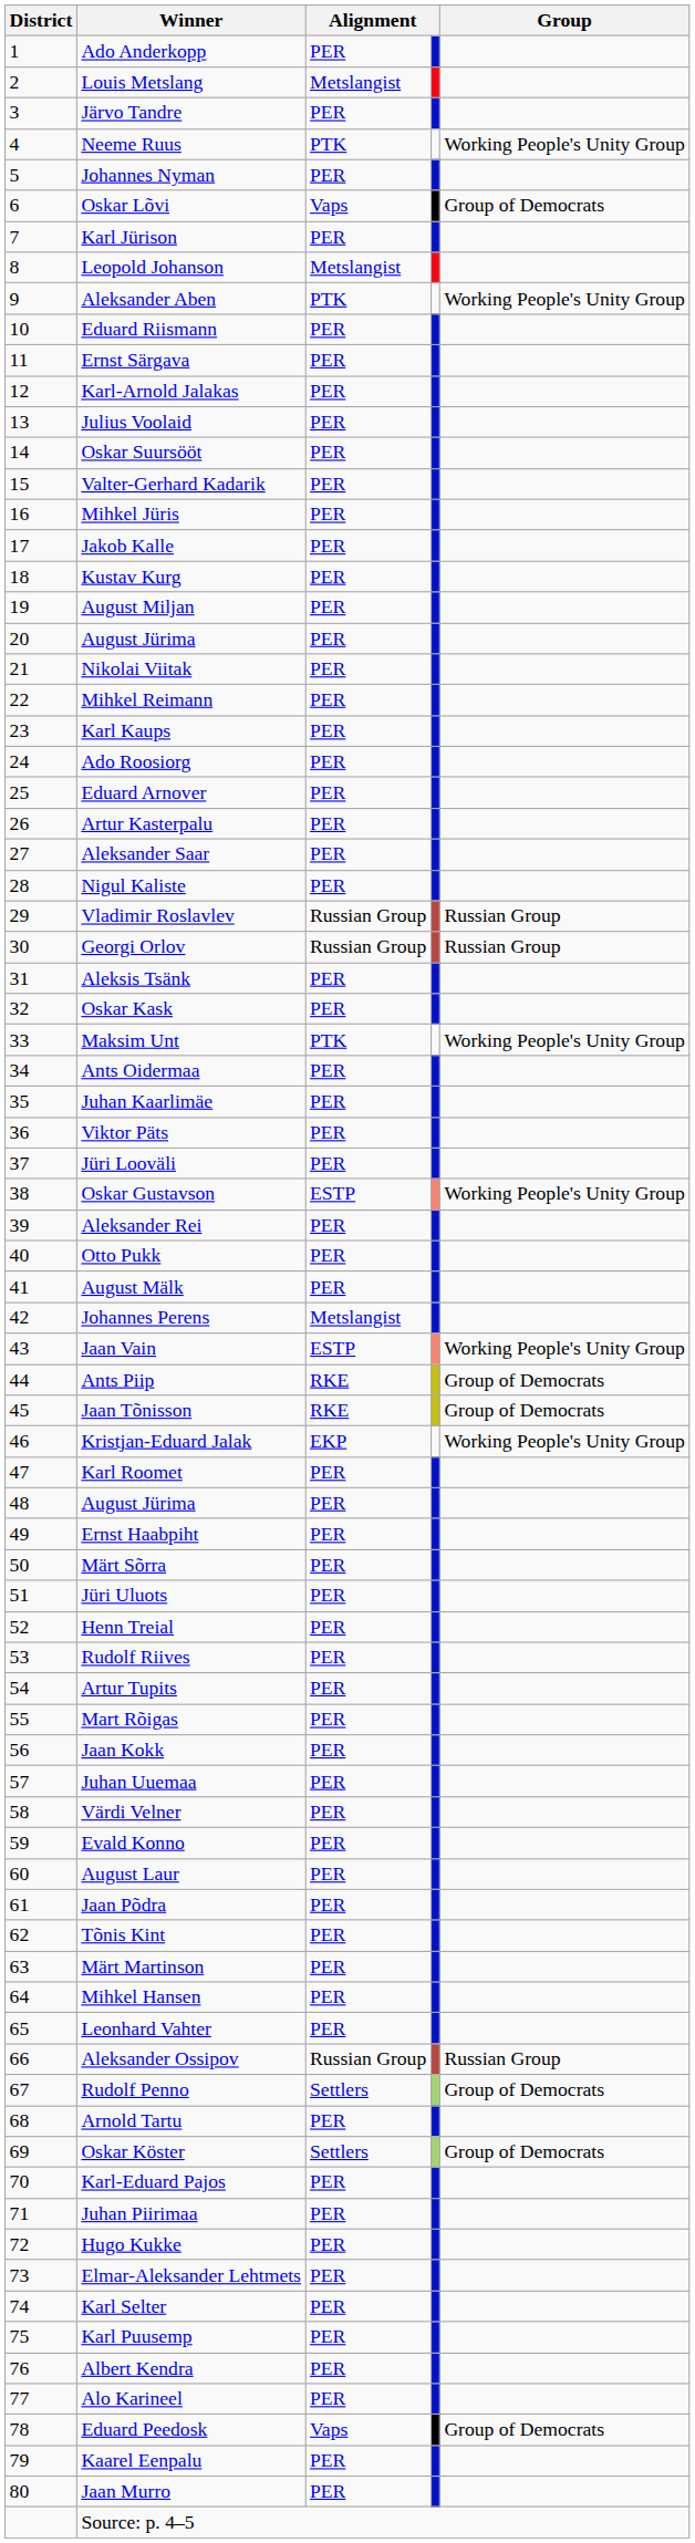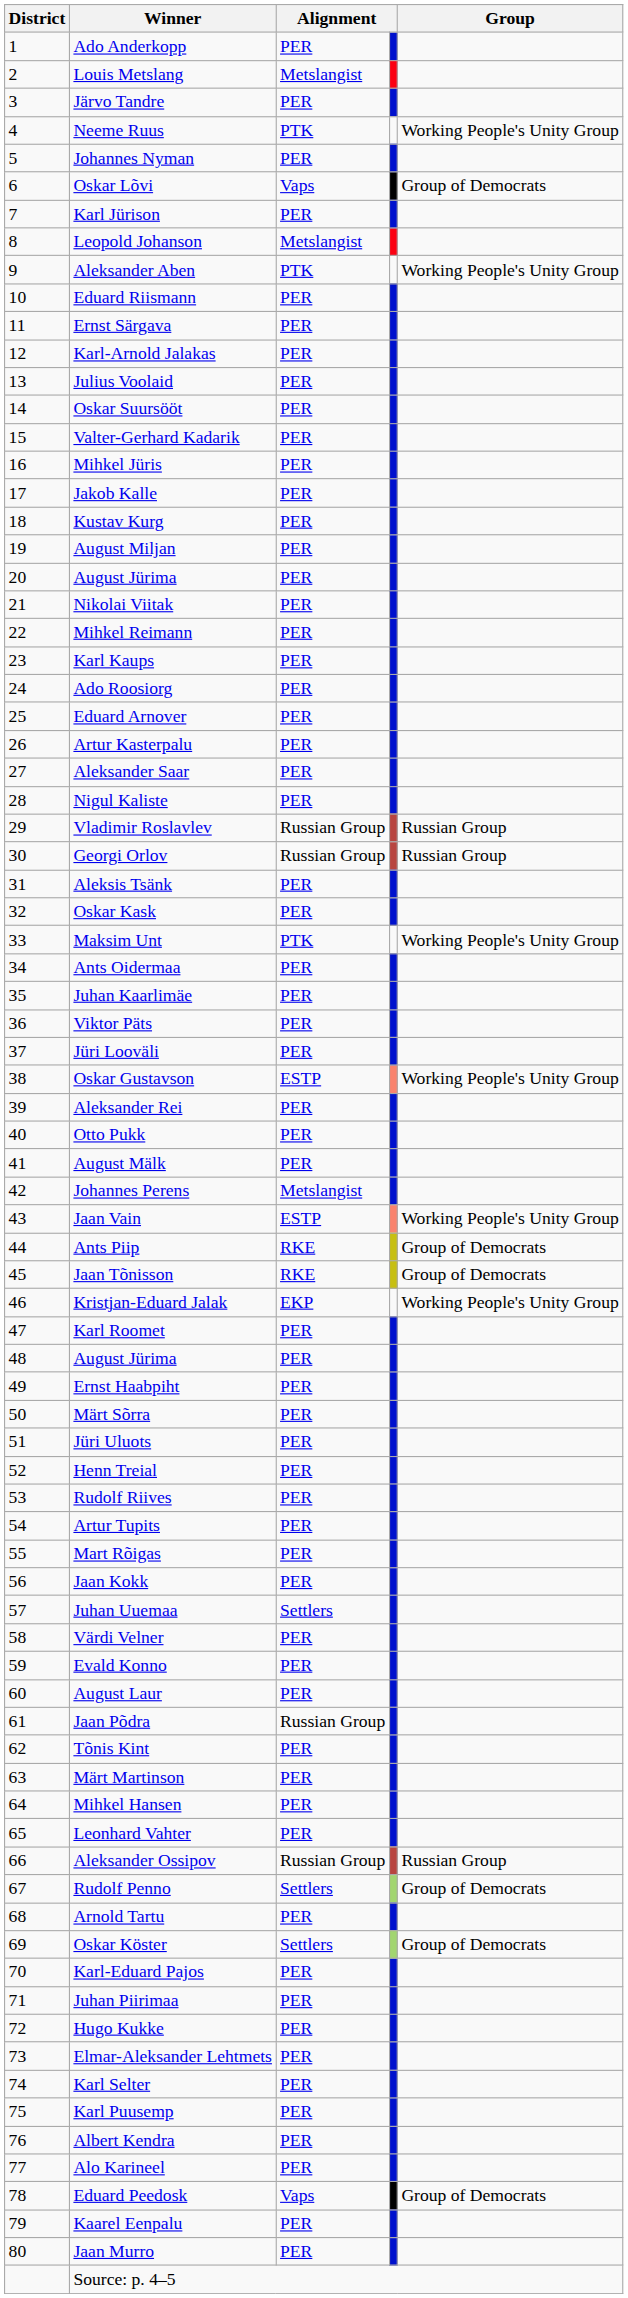 <table class="wikitable sortable">
 <tr>
 <th>District</th>
 <th>Winner</th>
 <th colspan="2">Alignment</th>
 <th>Group</th>
 </tr>
 <tr>
 <td>1</td>
 <td><a href='#'>Ado Anderkopp</a></td>
 <td><a href='#'>PER</a></td>
 <td style="background:#0011CD"></td>
 <td></td>
 </tr>
 <tr>
 <td>2</td>
 <td><a href='#'>Louis Metslang</a></td>
 <td><a href='#'>Metslangist</a></td>
 <td style="background:#FC0112"></td>
 <td></td>
 </tr>
 <tr>
 <td>3</td>
 <td><a href='#'>Järvo Tandre</a></td>
 <td><a href='#'>PER</a></td>
 <td style="background:#0011CD"></td>
 <td></td>
 </tr>
 <tr>
 <td>4</td>
 <td><a href='#'>Neeme Ruus</a></td>
 <td><a href='#'>PTK</a></td>
 <td style="background:"></td>
 <td>Working People's Unity Group</td>
 </tr>
 <tr>
 <td>5</td>
 <td><a href='#'>Johannes Nyman</a></td>
 <td><a href='#'>PER</a></td>
 <td style="background:#0011CD"></td>
 <td></td>
 </tr>
 <tr>
 <td>6</td>
 <td><a href='#'>Oskar Lõvi</a></td>
 <td><a href='#'>Vaps</a></td>
 <td style="background:#000000"></td>
 <td>Group of Democrats</td>
 </tr>
 <tr>
 <td>7</td>
 <td><a href='#'>Karl Jürison</a></td>
 <td><a href='#'>PER</a></td>
 <td style="background:#0011CD"></td>
 <td></td>
 </tr>
 <tr>
 <td>8</td>
 <td><a href='#'>Leopold Johanson</a></td>
 <td><a href='#'>Metslangist</a></td>
 <td style="background:#FC0112"></td>
 <td></td>
 </tr>
 <tr>
 <td>9</td>
 <td><a href='#'>Aleksander Aben</a></td>
 <td><a href='#'>PTK</a></td>
 <td style="background:"></td>
 <td>Working People's Unity Group</td>
 </tr>
 <tr>
 <td>10</td>
 <td><a href='#'>Eduard Riismann</a></td>
 <td><a href='#'>PER</a></td>
 <td style="background:#0011CD"></td>
 <td></td>
 </tr>
 <tr>
 <td>11</td>
 <td><a href='#'>Ernst Särgava</a></td>
 <td><a href='#'>PER</a></td>
 <td style="background:#0011CD"></td>
 <td></td>
 </tr>
 <tr>
 <td>12</td>
 <td><a href='#'>Karl-Arnold Jalakas</a></td>
 <td><a href='#'>PER</a></td>
 <td style="background:#0011CD"></td>
 <td></td>
 </tr>
 <tr>
 <td>13</td>
 <td><a href='#'>Julius Voolaid</a></td>
 <td><a href='#'>PER</a></td>
 <td style="background:#0011CD"></td>
 <td></td>
 </tr>
 <tr>
 <td>14</td>
 <td><a href='#'>Oskar Suursööt</a></td>
 <td><a href='#'>PER</a></td>
 <td style="background:#0011CD"></td>
 <td></td>
 </tr>
 <tr>
 <td>15</td>
 <td><a href='#'>Valter-Gerhard Kadarik</a></td>
 <td><a href='#'>PER</a></td>
 <td style="background:#0011CD"></td>
 <td></td>
 </tr>
 <tr>
 <td>16</td>
 <td><a href='#'>Mihkel Jüris</a></td>
 <td><a href='#'>PER</a></td>
 <td style="background:#0011CD"></td>
 <td></td>
 </tr>
 <tr>
 <td>17</td>
 <td><a href='#'>Jakob Kalle</a></td>
 <td><a href='#'>PER</a></td>
 <td style="background:#0011CD"></td>
 <td></td>
 </tr>
 <tr>
 <td>18</td>
 <td><a href='#'>Kustav Kurg</a></td>
 <td><a href='#'>PER</a></td>
 <td style="background:#0011CD"></td>
 <td></td>
 </tr>
 <tr>
 <td>19</td>
 <td><a href='#'>August Miljan</a></td>
 <td><a href='#'>PER</a></td>
 <td style="background:#0011CD"></td>
 <td></td>
 </tr>
 <tr>
 <td>20</td>
 <td><a href='#'>August Jürima</a></td>
 <td><a href='#'>PER</a></td>
 <td style="background:#0011CD"></td>
 <td></td>
 </tr>
 <tr>
 <td>21</td>
 <td><a href='#'>Nikolai Viitak</a></td>
 <td><a href='#'>PER</a></td>
 <td style="background:#0011CD"></td>
 <td></td>
 </tr>
 <tr>
 <td>22</td>
 <td><a href='#'>Mihkel Reimann</a></td>
 <td><a href='#'>PER</a></td>
 <td style="background:#0011CD"></td>
 <td></td>
 </tr>
 <tr>
 <td>23</td>
 <td><a href='#'>Karl Kaups</a></td>
 <td><a href='#'>PER</a></td>
 <td style="background:#0011CD"></td>
 <td></td>
 </tr>
 <tr>
 <td>24</td>
 <td><a href='#'>Ado Roosiorg</a></td>
 <td><a href='#'>PER</a></td>
 <td style="background:#0011CD"></td>
 <td></td>
 </tr>
 <tr>
 <td>25</td>
 <td><a href='#'>Eduard Arnover</a></td>
 <td><a href='#'>PER</a></td>
 <td style="background:#0011CD"></td>
 <td></td>
 </tr>
 <tr>
 <td>26</td>
 <td><a href='#'>Artur Kasterpalu</a></td>
 <td><a href='#'>PER</a></td>
 <td style="background:#0011CD"></td>
 <td></td>
 </tr>
 <tr>
 <td>27</td>
 <td><a href='#'>Aleksander Saar</a></td>
 <td><a href='#'>PER</a></td>
 <td style="background:#0011CD"></td>
 <td></td>
 </tr>
 <tr>
 <td>28</td>
 <td><a href='#'>Nigul Kaliste</a></td>
 <td><a href='#'>PER</a></td>
 <td style="background:#0011CD"></td>
 <td></td>
 </tr>
 <tr>
 <td>29</td>
 <td><a href='#'>Vladimir Roslavlev</a></td>
 <td>Russian Group</td>
 <td style="background:#b84540"></td>
 <td>Russian Group</td>
 </tr>
 <tr>
 <td>30</td>
 <td><a href='#'>Georgi Orlov</a></td>
 <td>Russian Group</td>
 <td style="background:#b84540"></td>
 <td>Russian Group</td>
 </tr>
 <tr>
 <td>31</td>
 <td><a href='#'>Aleksis Tsänk</a></td>
 <td><a href='#'>PER</a></td>
 <td style="background:#0011CD"></td>
 <td></td>
 </tr>
 <tr>
 <td>32</td>
 <td><a href='#'>Oskar Kask</a></td>
 <td><a href='#'>PER</a></td>
 <td style="background:#0011CD"></td>
 <td></td>
 </tr>
 <tr>
 <td>33</td>
 <td><a href='#'>Maksim Unt</a></td>
 <td><a href='#'>PTK</a></td>
 <td style="background:"></td>
 <td>Working People's Unity Group</td>
 </tr>
 <tr>
 <td>34</td>
 <td><a href='#'>Ants Oidermaa</a></td>
 <td><a href='#'>PER</a></td>
 <td style="background:#0011CD"></td>
 <td></td>
 </tr>
 <tr>
 <td>35</td>
 <td><a href='#'>Juhan Kaarlimäe</a></td>
 <td><a href='#'>PER</a></td>
 <td style="background:#0011CD"></td>
 <td></td>
 </tr>
 <tr>
 <td>36</td>
 <td><a href='#'>Viktor Päts</a></td>
 <td><a href='#'>PER</a></td>
 <td style="background:#0011CD"></td>
 <td></td>
 </tr>
 <tr>
 <td>37</td>
 <td><a href='#'>Jüri Looväli</a></td>
 <td><a href='#'>PER</a></td>
 <td style="background:#0011CD"></td>
 <td></td>
 </tr>
 <tr>
 <td>38</td>
 <td><a href='#'>Oskar Gustavson</a></td>
 <td><a href='#'>ESTP</a></td>
 <td style="background:#F9836E"></td>
 <td>Working People's Unity Group</td>
 </tr>
 <tr>
 <td>39</td>
 <td><a href='#'>Aleksander Rei</a></td>
 <td><a href='#'>PER</a></td>
 <td style="background:#0011CD"></td>
 <td></td>
 </tr>
 <tr>
 <td>40</td>
 <td><a href='#'>Otto Pukk</a></td>
 <td><a href='#'>PER</a></td>
 <td style="background:#0011CD"></td>
 <td></td>
 </tr>
 <tr>
 <td>41</td>
 <td><a href='#'>August Mälk</a></td>
 <td><a href='#'>PER</a></td>
 <td style="background:#0011CD"></td>
 <td></td>
 </tr>
 <tr>
 <td>42</td>
 <td><a href='#'>Johannes Perens</a></td>
 <td><a href='#'>Metslangist</a></td>
 <td style="background:#0011CD"></td>
 <td></td>
 </tr>
 <tr>
 <td>43</td>
 <td><a href='#'>Jaan Vain</a></td>
 <td><a href='#'>ESTP</a></td>
 <td style="background:#F9836E"></td>
 <td>Working People's Unity Group</td>
 </tr>
 <tr>
 <td>44</td>
 <td><a href='#'>Ants Piip</a></td>
 <td><a href='#'>RKE</a></td>
 <td style="background:#c7bf12"></td>
 <td>Group of Democrats</td>
 </tr>
 <tr>
 <td>45</td>
 <td><a href='#'>Jaan Tõnisson</a></td>
 <td><a href='#'>RKE</a></td>
 <td style="background:#c7bf12"></td>
 <td>Group of Democrats</td>
 </tr>
 <tr>
 <td>46</td>
 <td><a href='#'>Kristjan-Eduard Jalak</a></td>
 <td><a href='#'>EKP</a></td>
 <td style="background:"></td>
 <td>Working People's Unity Group</td>
 </tr>
 <tr>
 <td>47</td>
 <td><a href='#'>Karl Roomet</a></td>
 <td><a href='#'>PER</a></td>
 <td style="background:#0011CD"></td>
 <td></td>
 </tr>
 <tr>
 <td>48</td>
 <td><a href='#'>August Jürima</a></td>
 <td><a href='#'>PER</a></td>
 <td style="background:#0011CD"></td>
 </tr>
 <tr>
 <td>49</td>
 <td><a href='#'>Ernst Haabpiht</a></td>
 <td><a href='#'>PER</a></td>
 <td style="background:#0011CD"></td>
 <td></td>
 </tr>
 <tr>
 <td>50</td>
 <td><a href='#'>Märt Sõrra</a></td>
 <td><a href='#'>PER</a></td>
 <td style="background:#0011CD"></td>
 <td></td>
 </tr>
 <tr>
 <td>51</td>
 <td><a href='#'>Jüri Uluots</a></td>
 <td><a href='#'>PER</a></td>
 <td style="background:#0011CD"></td>
 <td></td>
 </tr>
 <tr>
 <td>52</td>
 <td><a href='#'>Henn Treial</a></td>
 <td><a href='#'>PER</a></td>
 <td style="background:#0011CD"></td>
 <td></td>
 </tr>
 <tr>
 <td>53</td>
 <td><a href='#'>Rudolf Riives</a></td>
 <td><a href='#'>PER</a></td>
 <td style="background:#0011CD"></td>
 <td></td>
 </tr>
 <tr>
 <td>54</td>
 <td><a href='#'>Artur Tupits</a></td>
 <td><a href='#'>PER</a></td>
 <td style="background:#0011CD"></td>
 <td></td>
 </tr>
 <tr>
 <td>55</td>
 <td><a href='#'>Mart Rõigas</a></td>
 <td><a href='#'>PER</a></td>
 <td style="background:#0011CD"></td>
 <td></td>
 </tr>
 <tr>
 <td>56</td>
 <td><a href='#'>Jaan Kokk</a></td>
 <td><a href='#'>PER</a></td>
 <td style="background:#0011CD"></td>
 <td></td>
 </tr>
 <tr>
 <td>57</td>
 <td><a href='#'>Juhan Uuemaa</a></td>
-<td><a href='#'>PER</a></td>
+<td><a href='#'>Settlers</a></td>
 <td style="background:#0011CD"></td>
 <td></td>
 </tr>
 <tr>
 <td>58</td>
 <td><a href='#'>Värdi Velner</a></td>
 <td><a href='#'>PER</a></td>
 <td style="background:#0011CD"></td>
 <td></td>
 </tr>
 <tr>
 <td>59</td>
 <td><a href='#'>Evald Konno</a></td>
 <td><a href='#'>PER</a></td>
 <td style="background:#0011CD"></td>
 <td></td>
 </tr>
 <tr>
 <td>60</td>
 <td><a href='#'>August Laur</a></td>
 <td><a href='#'>PER</a></td>
 <td style="background:#0011CD"></td>
 <td></td>
 </tr>
 <tr>
 <td>61</td>
 <td><a href='#'>Jaan Põdra</a></td>
-<td><a href='#'>PER</a></td>
+<td>Russian Group</td>
 <td style="background:#0011CD"></td>
 <td></td>
 </tr>
 <tr>
 <td>62</td>
 <td><a href='#'>Tõnis Kint</a></td>
 <td><a href='#'>PER</a></td>
 <td style="background:#0011CD"></td>
 <td></td>
 </tr>
 <tr>
 <td>63</td>
 <td><a href='#'>Märt Martinson</a></td>
 <td><a href='#'>PER</a></td>
 <td style="background:#0011CD"></td>
 <td></td>
 </tr>
 <tr>
 <td>64</td>
 <td><a href='#'>Mihkel Hansen</a></td>
 <td><a href='#'>PER</a></td>
 <td style="background:#0011CD"></td>
 <td></td>
 </tr>
 <tr>
 <td>65</td>
 <td><a href='#'>Leonhard Vahter</a></td>
 <td><a href='#'>PER</a></td>
 <td style="background:#0011CD"></td>
 <td></td>
 </tr>
 <tr>
 <td>66</td>
 <td><a href='#'>Aleksander Ossipov</a></td>
 <td>Russian Group</td>
 <td style="background:#b84540"></td>
 <td>Russian Group</td>
 </tr>
 <tr>
 <td>67</td>
 <td><a href='#'>Rudolf Penno</a></td>
 <td><a href='#'>Settlers</a></td>
 <td style="background:#a2d570"></td>
 <td>Group of Democrats</td>
 </tr>
 <tr>
 <td>68</td>
 <td><a href='#'>Arnold Tartu</a></td>
 <td><a href='#'>PER</a></td>
 <td style="background:#0011CD"></td>
 <td></td>
 </tr>
 <tr>
 <td>69</td>
 <td><a href='#'>Oskar Köster</a></td>
 <td><a href='#'>Settlers</a></td>
 <td style="background:#a2d570"></td>
 <td>Group of Democrats</td>
 </tr>
 <tr>
 <td>70</td>
 <td><a href='#'>Karl-Eduard Pajos</a></td>
 <td><a href='#'>PER</a></td>
 <td style="background:#0011CD"></td>
 <td></td>
 </tr>
 <tr>
 <td>71</td>
 <td><a href='#'>Juhan Piirimaa</a></td>
 <td><a href='#'>PER</a></td>
 <td style="background:#0011CD"></td>
 <td></td>
 </tr>
 <tr>
 <td>72</td>
 <td><a href='#'>Hugo Kukke</a></td>
 <td><a href='#'>PER</a></td>
 <td style="background:#0011CD"></td>
 <td></td>
 </tr>
 <tr>
 <td>73</td>
 <td><a href='#'>Elmar-Aleksander Lehtmets</a></td>
 <td><a href='#'>PER</a></td>
 <td style="background:#0011CD"></td>
 <td></td>
 </tr>
 <tr>
 <td>74</td>
 <td><a href='#'>Karl Selter</a></td>
 <td><a href='#'>PER</a></td>
 <td style="background:#0011CD"></td>
 <td></td>
 </tr>
 <tr>
 <td>75</td>
 <td><a href='#'>Karl Puusemp</a></td>
 <td><a href='#'>PER</a></td>
 <td style="background:#0011CD"></td>
 <td></td>
 </tr>
 <tr>
 <td>76</td>
 <td><a href='#'>Albert Kendra</a></td>
 <td><a href='#'>PER</a></td>
 <td style="background:#0011CD"></td>
 <td></td>
 </tr>
 <tr>
 <td>77</td>
 <td><a href='#'>Alo Karineel</a></td>
 <td><a href='#'>PER</a></td>
 <td style="background:#0011CD"></td>
 <td></td>
 </tr>
 <tr>
 <td>78</td>
 <td><a href='#'>Eduard Peedosk</a></td>
 <td><a href='#'>Vaps</a></td>
 <td style="background:#000000"></td>
 <td>Group of Democrats</td>
 </tr>
 <tr>
 <td>79</td>
 <td><a href='#'>Kaarel Eenpalu</a></td>
 <td><a href='#'>PER</a></td>
 <td style="background:#0011CD"></td>
 <td></td>
 </tr>
 <tr>
 <td>80</td>
 <td><a href='#'>Jaan Murro</a></td>
 <td><a href='#'>PER</a></td>
 <td style="background:#0011CD"></td>
 <td></td>
 </tr>
 <tr>
 <td></td>
 <td colspan=4>Source:  p. 4–5</td>
 </tr>
 </table>
